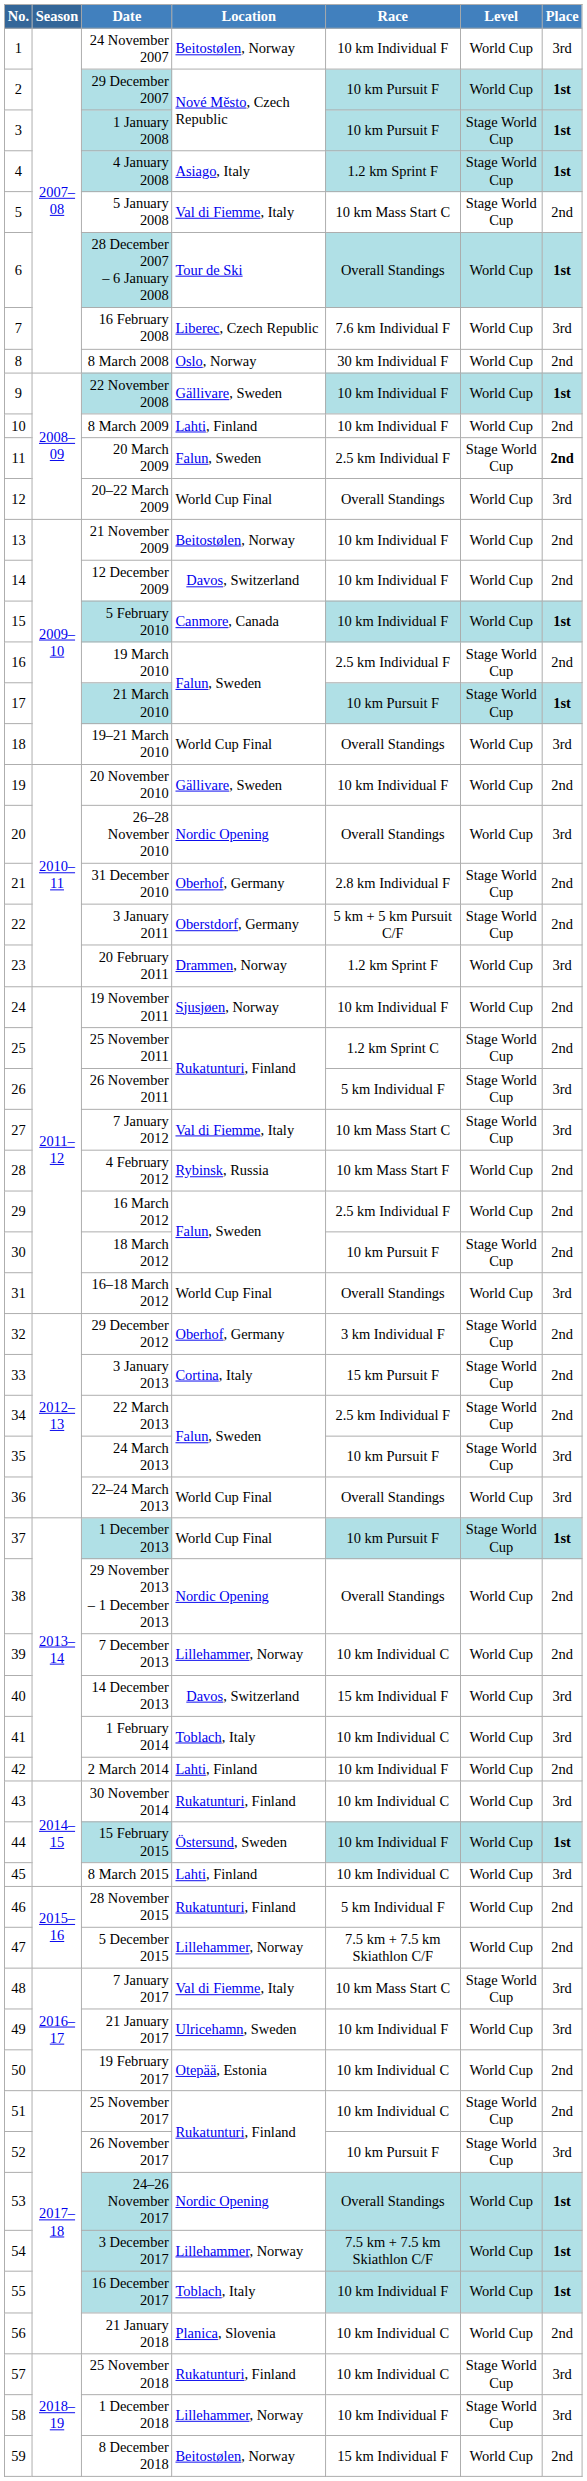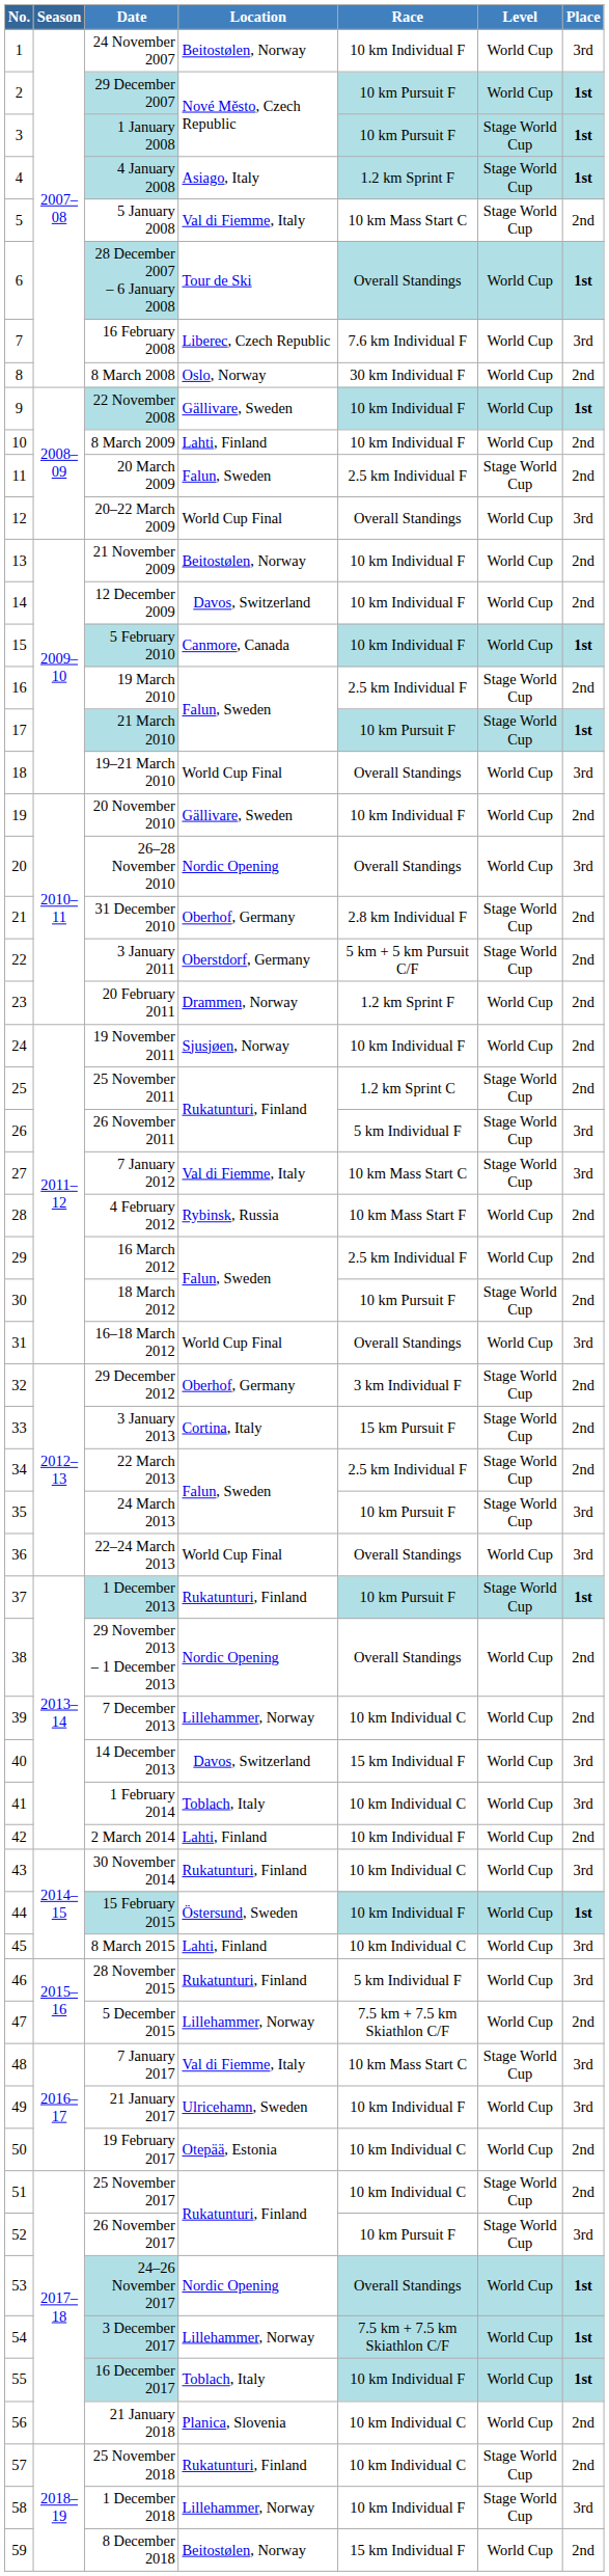 <table class="wikitable sortable" style="font-size:95%; text-align:center; border:grey solid 1px; border-collapse:collapse; background:#ffffff;">
 <tr style="background:#efefef;">
 <th style="background-color:#369; color:white;">No.</th>
 <th style="background-color:#369; color:white;">Season</th>
 <th style="background-color:#4180be; color:white; width:100px;">Date</th>
 <th style="background-color:#4180be; color:white; width:190px;">Location</th>
 <th style="background-color:#4180be; color:white; width:170px;">Race</th>
 <th style="background-color:#4180be; color:white; width:100px;">Level</th>
 <th style="background-color:#4180be; color:white;">Place</th>
 </tr>
 <tr>
 <td align=center>1</td>
 <td rowspan=8 align=center><a href='#'>2007–08</a></td>
 <td align=right>24 November 2007</td>
 <td align=left> <a href='#'>Beitostølen</a>, Norway</td>
 <td>10 km Individual F</td>
 <td>World Cup</td>
 <td>3rd</td>
 </tr>
 <tr>
 <td align=center>2</td>
 <td bgcolor="#BOEOE6" align=right>29 December 2007</td>
 <td rowspan=2 align=left> <a href='#'>Nové Město</a>, Czech Republic</td>
 <td bgcolor="#BOEOE6">10 km Pursuit F</td>
 <td bgcolor="#BOEOE6">World Cup</td>
 <td bgcolor="#BOEOE6"><strong>1st</strong></td>
 </tr>
 <tr>
 <td align=center>3</td>
 <td bgcolor="#BOEOE6" align=right>1 January 2008</td>
 <td bgcolor="#BOEOE6">10 km Pursuit F</td>
 <td bgcolor="#BOEOE6">Stage World Cup</td>
 <td bgcolor="#BOEOE6"><strong>1st</strong></td>
 </tr>
 <tr>
 <td align=center>4</td>
 <td bgcolor="#BOEOE6" align=right>4 January 2008</td>
 <td align=left> <a href='#'>Asiago</a>, Italy</td>
 <td bgcolor="#BOEOE6">1.2 km Sprint F</td>
 <td bgcolor="#BOEOE6">Stage World Cup</td>
 <td bgcolor="#BOEOE6"><strong>1st</strong></td>
 </tr>
 <tr>
 <td align=center>5</td>
 <td align=right>5 January 2008</td>
 <td align=left> <a href='#'>Val di Fiemme</a>, Italy</td>
 <td>10 km Mass Start C</td>
 <td>Stage World Cup</td>
 <td>2nd</td>
 </tr>
 <tr>
 <td align=center>6</td>
 <td bgcolor="#BOEOE6" align=right>28 December 2007<br>– 6 January 2008</td>
 <td align=left> <a href='#'>Tour de Ski</a></td>
 <td bgcolor="#BOEOE6">Overall Standings</td>
 <td bgcolor="#BOEOE6">World Cup</td>
 <td bgcolor="#BOEOE6"><strong>1st</strong></td>
 </tr>
 <tr>
 <td align=center>7</td>
 <td align=right>16 February 2008</td>
 <td align=left> <a href='#'>Liberec</a>, Czech Republic</td>
 <td>7.6 km Individual F</td>
 <td>World Cup</td>
 <td>3rd</td>
 </tr>
 <tr>
 <td align=center>8</td>
 <td align=right>8 March 2008</td>
 <td align=left> <a href='#'>Oslo</a>, Norway</td>
 <td>30 km Individual F</td>
 <td>World Cup</td>
 <td>2nd</td>
 </tr>
 <tr>
 <td align=center>9</td>
 <td rowspan=4 align=center><a href='#'>2008–09</a></td>
 <td bgcolor="#BOEOE6" align=right>22 November 2008</td>
 <td align=left> <a href='#'>Gällivare</a>, Sweden</td>
 <td bgcolor="#BOEOE6">10 km Individual F</td>
 <td bgcolor="#BOEOE6">World Cup</td>
 <td bgcolor="#BOEOE6"><strong>1st</strong></td>
 </tr>
 <tr>
 <td align=center>10</td>
 <td align=right>8 March 2009</td>
 <td align=left> <a href='#'>Lahti</a>, Finland</td>
 <td>10 km Individual F</td>
 <td>World Cup</td>
 <td>2nd</td>
 </tr>
 <tr>
 <td align=center>11</td>
 <td align=right>20 March 2009</td>
 <td align=left> <a href='#'>Falun</a>, Sweden</td>
 <td>2.5 km Individual F</td>
 <td>Stage World Cup</td>
-<td><strong>2nd</strong></td>
+<td>2nd</td>
 </tr>
 <tr>
 <td align=center>12</td>
 <td align=right>20–22 March 2009</td>
 <td align=left> World Cup Final</td>
 <td>Overall Standings</td>
 <td>World Cup</td>
 <td>3rd</td>
 </tr>
 <tr>
 <td align=center>13</td>
 <td rowspan=6 align=center><a href='#'>2009–10</a></td>
 <td align=right>21 November 2009</td>
 <td align=left> <a href='#'>Beitostølen</a>, Norway</td>
 <td>10 km Individual F</td>
 <td>World Cup</td>
 <td>2nd</td>
 </tr>
 <tr>
 <td align=center>14</td>
 <td align=right>12 December 2009</td>
 <td align=left>   <a href='#'>Davos</a>, Switzerland</td>
 <td>10 km Individual F</td>
 <td>World Cup</td>
 <td>2nd</td>
 </tr>
 <tr>
 <td align=center>15</td>
 <td bgcolor="#BOEOE6" align=right>5 February 2010</td>
 <td align=left> <a href='#'>Canmore</a>, Canada</td>
 <td bgcolor="#BOEOE6">10 km Individual F</td>
 <td bgcolor="#BOEOE6">World Cup</td>
 <td bgcolor="#BOEOE6"><strong>1st</strong></td>
 </tr>
 <tr>
 <td align=center>16</td>
 <td align=right>19 March 2010</td>
 <td rowspan=2 align=left> <a href='#'>Falun</a>, Sweden</td>
 <td>2.5 km Individual F</td>
 <td>Stage World Cup</td>
 <td>2nd</td>
 </tr>
 <tr>
 <td align=center>17</td>
 <td bgcolor="#BOEOE6" align=right>21 March 2010</td>
 <td bgcolor="#BOEOE6">10 km Pursuit F</td>
 <td bgcolor="#BOEOE6">Stage World Cup</td>
 <td bgcolor="#BOEOE6"><strong>1st</strong></td>
 </tr>
 <tr>
 <td align=center>18</td>
 <td align=right>19–21 March 2010</td>
 <td align=left> World Cup Final</td>
 <td>Overall Standings</td>
 <td>World Cup</td>
 <td>3rd</td>
 </tr>
 <tr>
 <td align=center>19</td>
 <td rowspan=5 align=center><a href='#'>2010–11</a></td>
 <td align=right>20 November 2010</td>
 <td align=left> <a href='#'>Gällivare</a>, Sweden</td>
 <td>10 km Individual F</td>
 <td>World Cup</td>
 <td>2nd</td>
 </tr>
 <tr>
 <td align=center>20</td>
 <td align=right>26–28 November 2010</td>
 <td align=left> <a href='#'>Nordic Opening</a></td>
 <td>Overall Standings</td>
 <td>World Cup</td>
 <td>3rd</td>
 </tr>
 <tr>
 <td align=center>21</td>
 <td align=right>31 December 2010</td>
 <td align=left> <a href='#'>Oberhof</a>, Germany</td>
 <td>2.8 km Individual F</td>
 <td>Stage World Cup</td>
 <td>2nd</td>
 </tr>
 <tr>
 <td align=center>22</td>
 <td align=right>3 January 2011</td>
 <td align=left> <a href='#'>Oberstdorf</a>, Germany</td>
 <td>5 km + 5 km Pursuit C/F</td>
 <td>Stage World Cup</td>
 <td>2nd</td>
 </tr>
 <tr>
 <td align=center>23</td>
 <td align=right>20 February 2011</td>
 <td align=left> <a href='#'>Drammen</a>, Norway</td>
 <td>1.2 km Sprint F</td>
 <td>World Cup</td>
-<td>3rd</td>
+<td>2nd</td>
 </tr>
 <tr>
 <td align=center>24</td>
 <td rowspan=8 align=center><a href='#'>2011–12</a></td>
 <td align=right>19 November 2011</td>
 <td align=left> <a href='#'>Sjusjøen</a>, Norway</td>
 <td>10 km Individual F</td>
 <td>World Cup</td>
 <td>2nd</td>
 </tr>
 <tr>
 <td align=center>25</td>
 <td align=right>25 November 2011</td>
 <td rowspan=2 align=left> <a href='#'>Rukatunturi</a>, Finland</td>
 <td>1.2 km Sprint C</td>
 <td>Stage World Cup</td>
 <td>2nd</td>
 </tr>
 <tr>
 <td align=center>26</td>
 <td align=right>26 November 2011</td>
 <td>5 km Individual F</td>
 <td>Stage World Cup</td>
 <td>3rd</td>
 </tr>
 <tr>
 <td align=center>27</td>
 <td align=right>7 January 2012</td>
 <td align=left> <a href='#'>Val di Fiemme</a>, Italy</td>
 <td>10 km Mass Start C</td>
 <td>Stage World Cup</td>
 <td>3rd</td>
 </tr>
 <tr>
 <td align=center>28</td>
 <td align=right>4 February 2012</td>
 <td align=left> <a href='#'>Rybinsk</a>, Russia</td>
 <td>10 km Mass Start F</td>
 <td>World Cup</td>
 <td>2nd</td>
 </tr>
 <tr>
 <td align=center>29</td>
 <td align=right>16 March 2012</td>
 <td rowspan=2 align=left> <a href='#'>Falun</a>, Sweden</td>
 <td>2.5 km Individual F</td>
 <td>World Cup</td>
 <td>2nd</td>
 </tr>
 <tr>
 <td align=center>30</td>
 <td align=right>18 March 2012</td>
 <td>10 km Pursuit F</td>
 <td>Stage World Cup</td>
 <td>2nd</td>
 </tr>
 <tr>
 <td align=center>31</td>
 <td align=right>16–18 March 2012</td>
 <td align=left> World Cup Final</td>
 <td>Overall Standings</td>
 <td>World Cup</td>
 <td>3rd</td>
 </tr>
 <tr>
 <td align=center>32</td>
 <td rowspan=5 align=center><a href='#'>2012–13</a></td>
 <td align=right>29 December 2012</td>
 <td align=left> <a href='#'>Oberhof</a>, Germany</td>
 <td>3 km Individual F</td>
 <td>Stage World Cup</td>
 <td>2nd</td>
 </tr>
 <tr>
 <td align=center>33</td>
 <td align=right>3 January 2013</td>
 <td align=left> <a href='#'>Cortina</a>, Italy</td>
 <td>15 km Pursuit F</td>
 <td>Stage World Cup</td>
 <td>2nd</td>
 </tr>
 <tr>
 <td align=center>34</td>
 <td align=right>22 March 2013</td>
 <td rowspan=2 align=left> <a href='#'>Falun</a>, Sweden</td>
 <td>2.5 km Individual F</td>
 <td>Stage World Cup</td>
 <td>2nd</td>
 </tr>
 <tr>
 <td align=center>35</td>
 <td align=right>24 March 2013</td>
 <td>10 km Pursuit F</td>
 <td>Stage World Cup</td>
 <td>3rd</td>
 </tr>
 <tr>
 <td align=center>36</td>
 <td align=right>22–24 March 2013</td>
 <td align=left> World Cup Final</td>
 <td>Overall Standings</td>
 <td>World Cup</td>
 <td>3rd</td>
 </tr>
 <tr>
 <td align=center>37</td>
 <td rowspan=6 align=center><a href='#'>2013–14</a></td>
 <td bgcolor="#BOEOE6" align=right>1 December 2013</td>
-<td align=left> World Cup Final</td>
+<td align=left> <a href='#'>Rukatunturi</a>, Finland</td>
 <td bgcolor="#BOEOE6">10 km Pursuit F</td>
 <td bgcolor="#BOEOE6">Stage World Cup</td>
 <td bgcolor="#BOEOE6"><strong>1st</strong></td>
 </tr>
 <tr>
 <td align=center>38</td>
 <td align=right>29 November 2013<br>– 1 December 2013</td>
 <td align=left> <a href='#'>Nordic Opening</a></td>
 <td>Overall Standings</td>
 <td>World Cup</td>
 <td>2nd</td>
 </tr>
 <tr>
 <td align=center>39</td>
 <td align=right>7 December 2013</td>
 <td align=left> <a href='#'>Lillehammer</a>, Norway</td>
 <td>10 km Individual C</td>
 <td>World Cup</td>
 <td>2nd</td>
 </tr>
 <tr>
 <td align=center>40</td>
 <td align=right>14 December 2013</td>
 <td align=left>   <a href='#'>Davos</a>, Switzerland</td>
 <td>15 km Individual F</td>
 <td>World Cup</td>
 <td>3rd</td>
 </tr>
 <tr>
 <td align=center>41</td>
 <td align=right>1 February 2014</td>
 <td align=left> <a href='#'>Toblach</a>, Italy</td>
 <td>10 km Individual C</td>
 <td>World Cup</td>
 <td>3rd</td>
 </tr>
 <tr>
 <td align=center>42</td>
 <td align=right>2 March 2014</td>
 <td align=left> <a href='#'>Lahti</a>, Finland</td>
 <td>10 km Individual F</td>
 <td>World Cup</td>
 <td>2nd</td>
 </tr>
 <tr>
 <td align=center>43</td>
 <td rowspan=3 align=center><a href='#'>2014–15</a></td>
 <td align=right>30 November 2014</td>
 <td align=left> <a href='#'>Rukatunturi</a>, Finland</td>
 <td>10 km Individual C</td>
 <td>World Cup</td>
 <td>3rd</td>
 </tr>
 <tr>
 <td align=center>44</td>
 <td bgcolor="#BOEOE6" align=right>15 February 2015</td>
 <td align=left> <a href='#'>Östersund</a>, Sweden</td>
 <td bgcolor="#BOEOE6">10 km Individual F</td>
 <td bgcolor="#BOEOE6">World Cup</td>
 <td bgcolor="#BOEOE6"><strong>1st</strong></td>
 </tr>
 <tr>
 <td align=center>45</td>
 <td align=right>8 March 2015</td>
 <td align=left> <a href='#'>Lahti</a>, Finland</td>
 <td>10 km Individual C</td>
 <td>World Cup</td>
 <td>3rd</td>
 </tr>
 <tr>
 <td align=center>46</td>
 <td rowspan=2 align=center><a href='#'>2015–16</a></td>
 <td align=right>28 November 2015</td>
 <td align=left> <a href='#'>Rukatunturi</a>, Finland</td>
 <td>5 km Individual F</td>
 <td>World Cup</td>
-<td>2nd</td>
+<td>3rd</td>
 </tr>
 <tr>
 <td align=center>47</td>
 <td align=right>5 December 2015</td>
 <td align=left> <a href='#'>Lillehammer</a>, Norway</td>
 <td>7.5 km + 7.5 km Skiathlon C/F</td>
 <td>World Cup</td>
 <td>2nd</td>
 </tr>
 <tr>
 <td align=center>48</td>
 <td rowspan=3 align=center><a href='#'>2016–17</a></td>
 <td align=right>7 January 2017</td>
 <td align=left> <a href='#'>Val di Fiemme</a>, Italy</td>
 <td>10 km Mass Start C</td>
 <td>Stage World Cup</td>
 <td>3rd</td>
 </tr>
 <tr>
 <td align=center>49</td>
 <td align=right>21 January 2017</td>
 <td align=left> <a href='#'>Ulricehamn</a>, Sweden</td>
 <td>10 km Individual F</td>
 <td>World Cup</td>
 <td>3rd</td>
 </tr>
 <tr>
 <td align=center>50</td>
 <td align=right>19 February 2017</td>
 <td align=left> <a href='#'>Otepää</a>, Estonia</td>
 <td>10 km Individual C</td>
 <td>World Cup</td>
 <td>2nd</td>
 </tr>
 <tr>
 <td align=center>51</td>
 <td rowspan=6 align=center><a href='#'>2017–18</a></td>
 <td align=right>25 November 2017</td>
 <td rowspan=2 align=left> <a href='#'>Rukatunturi</a>, Finland</td>
 <td>10 km Individual C</td>
 <td>Stage World Cup</td>
 <td>2nd</td>
 </tr>
 <tr>
 <td align=center>52</td>
 <td align=right>26 November 2017</td>
 <td>10 km Pursuit F</td>
 <td>Stage World Cup</td>
 <td>3rd</td>
 </tr>
 <tr>
 <td align=center>53</td>
 <td bgcolor="#BOEOE6" align=right>24–26 November 2017</td>
 <td align=left> <a href='#'>Nordic Opening</a></td>
 <td bgcolor="#BOEOE6">Overall Standings</td>
 <td bgcolor="#BOEOE6">World Cup</td>
 <td bgcolor="#BOEOE6"><strong>1st</strong></td>
 </tr>
 <tr>
 <td align=center>54</td>
 <td bgcolor="#BOEOE6" align=right>3 December 2017</td>
 <td align=left> <a href='#'>Lillehammer</a>, Norway</td>
 <td bgcolor="#BOEOE6">7.5 km + 7.5 km Skiathlon C/F</td>
 <td bgcolor="#BOEOE6">World Cup</td>
 <td bgcolor="#BOEOE6"><strong>1st</strong></td>
 </tr>
 <tr>
 <td align=center>55</td>
 <td bgcolor="#BOEOE6" align=right>16 December 2017</td>
 <td align=left> <a href='#'>Toblach</a>, Italy</td>
 <td bgcolor="#BOEOE6">10 km Individual F</td>
 <td bgcolor="#BOEOE6">World Cup</td>
 <td bgcolor="#BOEOE6"><strong>1st</strong></td>
 </tr>
 <tr>
 <td align=center>56</td>
 <td align=right>21 January 2018</td>
 <td align=left> <a href='#'>Planica</a>, Slovenia</td>
 <td>10 km Individual C</td>
 <td>World Cup</td>
 <td>2nd</td>
 </tr>
 <tr>
 <td align=center>57</td>
 <td rowspan=3 align=center><a href='#'>2018–19</a></td>
 <td align=right>25 November 2018</td>
 <td align=left> <a href='#'>Rukatunturi</a>, Finland</td>
 <td>10 km Individual C</td>
 <td>Stage World Cup</td>
-<td>3rd</td>
+<td>2nd</td>
 </tr>
 <tr>
 <td align=center>58</td>
 <td align=right>1 December 2018</td>
 <td align=left> <a href='#'>Lillehammer</a>, Norway</td>
 <td>10 km Individual F</td>
 <td>Stage World Cup</td>
 <td>3rd</td>
 </tr>
 <tr>
 <td align=center>59</td>
 <td align=right>8 December 2018</td>
 <td align=left> <a href='#'>Beitostølen</a>, Norway</td>
 <td>15 km Individual F</td>
 <td>World Cup</td>
 <td>2nd</td>
 </tr>
 </table>
